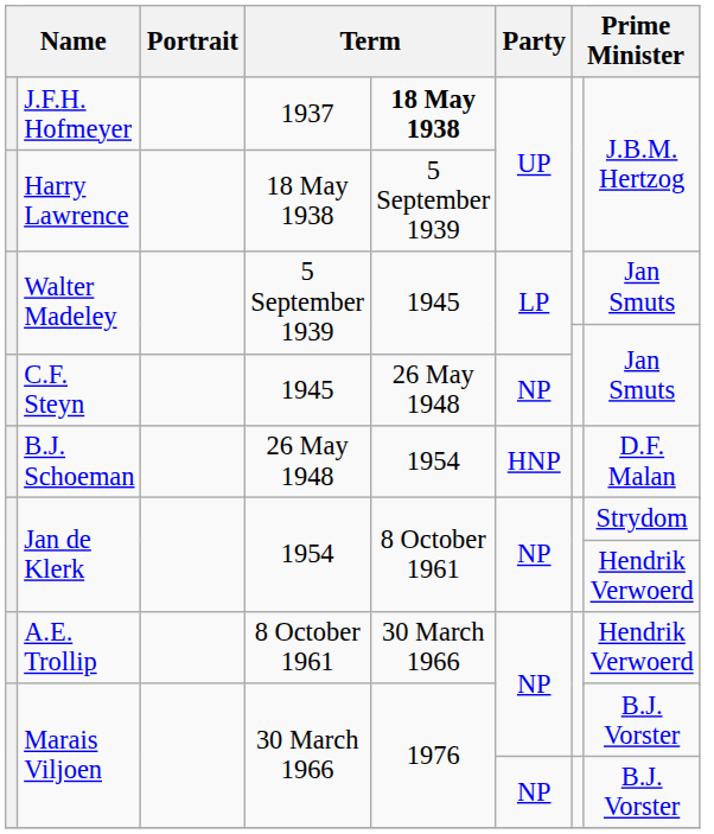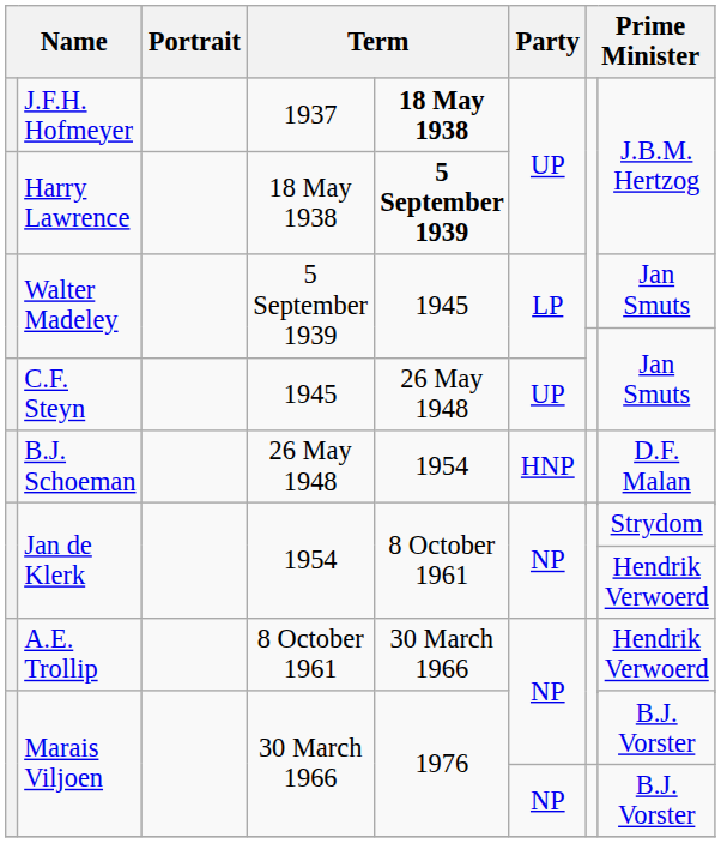 <table class="wikitable" width=60%>
 <tr>
 <th colspan=2 width=20%>Name</th>
 <th width=75>Portrait</th>
 <th colspan=2 width=30%>Term</th>
 <th width=10%>Party</th>
 <th colspan=2 width=25%>Prime Minister</th>
 </tr>
 <tr style="text-align:center">
 <th style="width:1%;background-color: "></th>
 <td align=left><a href='#'>J.F.H. Hofmeyer</a></td>
 <td></td>
 <td>1937</td>
 <td><strong>18 May 1938</strong></td>
 <td rowspan=2><a href='#'>UP</a></td>
 <td rowspan=3 style="width:1%;background-color: "></td>
 <td rowspan=2><a href='#'>J.B.M. Hertzog</a><br> </td>
 </tr>
 <tr style="text-align:center">
 <th style="width:1%;background-color: "></th>
 <td align=left><a href='#'>Harry Lawrence</a></td>
 <td></td>
 <td>18 May 1938</td>
-<td>5 September 1939</td>
+<td><strong>5 September 1939</strong></td>
 </tr>
 <tr style="text-align:center">
 <th rowspan=2 style="width:1%;background-color: "></th>
 <td rowspan=2 align=left><a href='#'>Walter Madeley</a></td>
 <td rowspan=2></td>
 <td rowspan=2>5 September 1939</td>
 <td rowspan=2>1945</td>
 <td rowspan=2><a href='#'>LP</a></td>
 <td><a href='#'>Jan Smuts</a><br></td>
 </tr>
 <tr style="text-align:center">
 <td rowspan=2 style="width:1%;background-color: "></td>
 <td rowspan=2><a href='#'>Jan Smuts</a><br> </td>
 </tr>
 <tr style="text-align:center">
 <th style="width:1%;background-color: "></th>
 <td align=left><a href='#'>C.F. Steyn</a></td>
 <td></td>
 <td>1945</td>
 <td>26 May 1948</td>
-<td><a href='#'>NP</a></td>
+<td><a href='#'>UP</a></td>
 </tr>
 <tr style="text-align:center">
 <th style="width:1%;background-color: "></th>
 <td align=left><a href='#'>B.J. Schoeman</a></td>
 <td></td>
 <td>26 May 1948</td>
 <td>1954</td>
 <td rowspan=2><a href='#'>HNP</a></td>
 <td rowspan=2 style="width:1%;background-color: "></td>
 <td rowspan=2><a href='#'>D.F. Malan</a><br> </td>
 </tr>
 <tr style="text-align:center">
 <th rowspan=3 style="width:1%;background-color: "></th>
 <td rowspan=3 align=left><a href='#'>Jan de Klerk</a></td>
 <td rowspan=3></td>
 <td rowspan=3>1954</td>
 <td rowspan=3>8 October 1961</td>
 </tr>
 <tr style="text-align:center">
 <td rowspan=2><a href='#'>NP</a></td>
 <td rowspan=2 style="width:1%;background-color: "></td>
 <td><a href='#'>Strydom</a><br> </td>
 </tr>
 <tr style="text-align:center">
 <td><a href='#'>Hendrik Verwoerd</a><br> </td>
 </tr>
 <tr style="text-align:center">
 <th style="width:1%;background-color: "></th>
 <td align=left><a href='#'>A.E. Trollip</a></td>
 <td></td>
 <td>8 October 1961</td>
 <td>30 March 1966</td>
 <td rowspan=3><a href='#'>NP</a></td>
 <td rowspan=3 style="width:1%;background-color: "></td>
 <td rowspan=2><a href='#'>Hendrik Verwoerd</a><br> </td>
 </tr>
 <tr style="text-align:center">
 <th rowspan=3 style="width:1%;background-color: "></th>
 <td rowspan=3 align=left><a href='#'>Marais Viljoen</a></td>
 <td rowspan=3></td>
 <td rowspan=3>30 March 1966</td>
 <td rowspan=3>1976</td>
 </tr>
 <tr style="text-align:center">
 <td><a href='#'>B.J. Vorster</a><br> </td>
 </tr>
 <tr style="text-align:center">
 <td><a href='#'>NP</a></td>
 <td style="width:1%;background-color: "></td>
 <td><a href='#'>B.J. Vorster</a><br> </td>
 </tr>
 <tr>
 </tr>
 </table>
